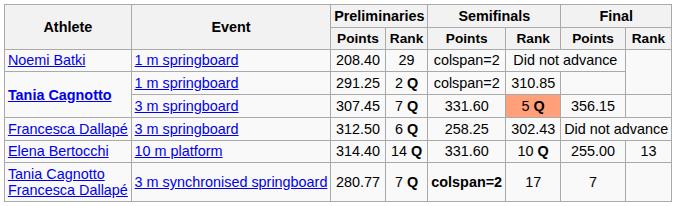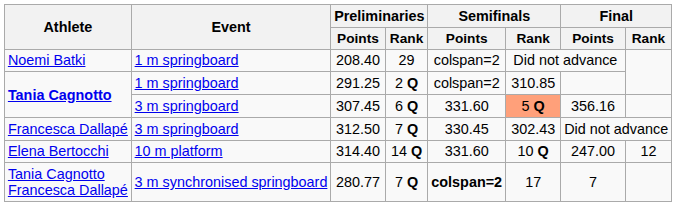 <table class=wikitable style="font-size:90%;">
 <tr>
 <th rowspan="2">Athlete</th>
 <th rowspan="2">Event</th>
 <th colspan="2">Preliminaries</th>
 <th colspan="2">Semifinals</th>
 <th colspan="2">Final</th>
 </tr>
 <tr style="font-size:95%">
 <th>Points</th>
 <th>Rank</th>
 <th>Points</th>
 <th>Rank</th>
 <th>Points</th>
 <th>Rank</th>
 </tr>
 <tr align=center>
 <td align=left><a href='#'>Noemi Batki</a></td>
 <td align=left><a href='#'>1 m springboard</a></td>
 <td>208.40</td>
 <td>29</td>
 <td>colspan=2 </td>
 <td colspan=2>Did not advance</td>
 </tr>
 <tr align=center>
 <td align=left rowspan=2><strong><a href='#'>Tania Cagnotto</a></strong></td>
 <td align=left><a href='#'>1 m springboard</a></td>
 <td>291.25</td>
 <td>2 <strong>Q</strong></td>
 <td>colspan=2 </td>
 <td>310.85</td>
 <td></td>
 </tr>
 <tr align=center>
 <td align=left><a href='#'>3 m springboard</a></td>
 <td>307.45</td>
-<td>7 <strong>Q</strong></td>
+<td>6 <strong>Q</strong></td>
 <td>331.60</td>
 <td style="background: lightsalmon;">5 <strong>Q</strong></td>
-<td>356.15</td>
+<td>356.16</td>
 <td></td>
 </tr>
 <tr align=center>
 <td align=left><a href='#'>Francesca Dallapé</a></td>
 <td align=left><a href='#'>3 m springboard</a></td>
 <td>312.50</td>
-<td>6 <strong>Q</strong></td>
-<td>258.25</td>
+<td>7 <strong>Q</strong></td>
+<td>330.45</td>
 <td>302.43</td>
 <td colspan=2>Did not advance</td>
 </tr>
 <tr align=center>
 <td align=left><a href='#'>Elena Bertocchi</a></td>
 <td align=left><a href='#'>10 m platform</a></td>
 <td>314.40</td>
 <td>14 <strong>Q</strong></td>
 <td>331.60</td>
 <td>10 <strong>Q</strong></td>
-<td>255.00</td>
-<td>13</td>
+<td>247.00</td>
+<td>12</td>
 </tr>
 <tr align=center>
 <td align=left><a href='#'>Tania Cagnotto</a><br><a href='#'>Francesca Dallapé</a></td>
 <td align=left><a href='#'>3 m synchronised springboard</a></td>
 <td>280.77</td>
 <td>7 <strong>Q</strong></td>
 <td><strong>colspan=2 </strong></td>
 <td>17</td>
 <td>7</td>
 </tr>
 </table>
